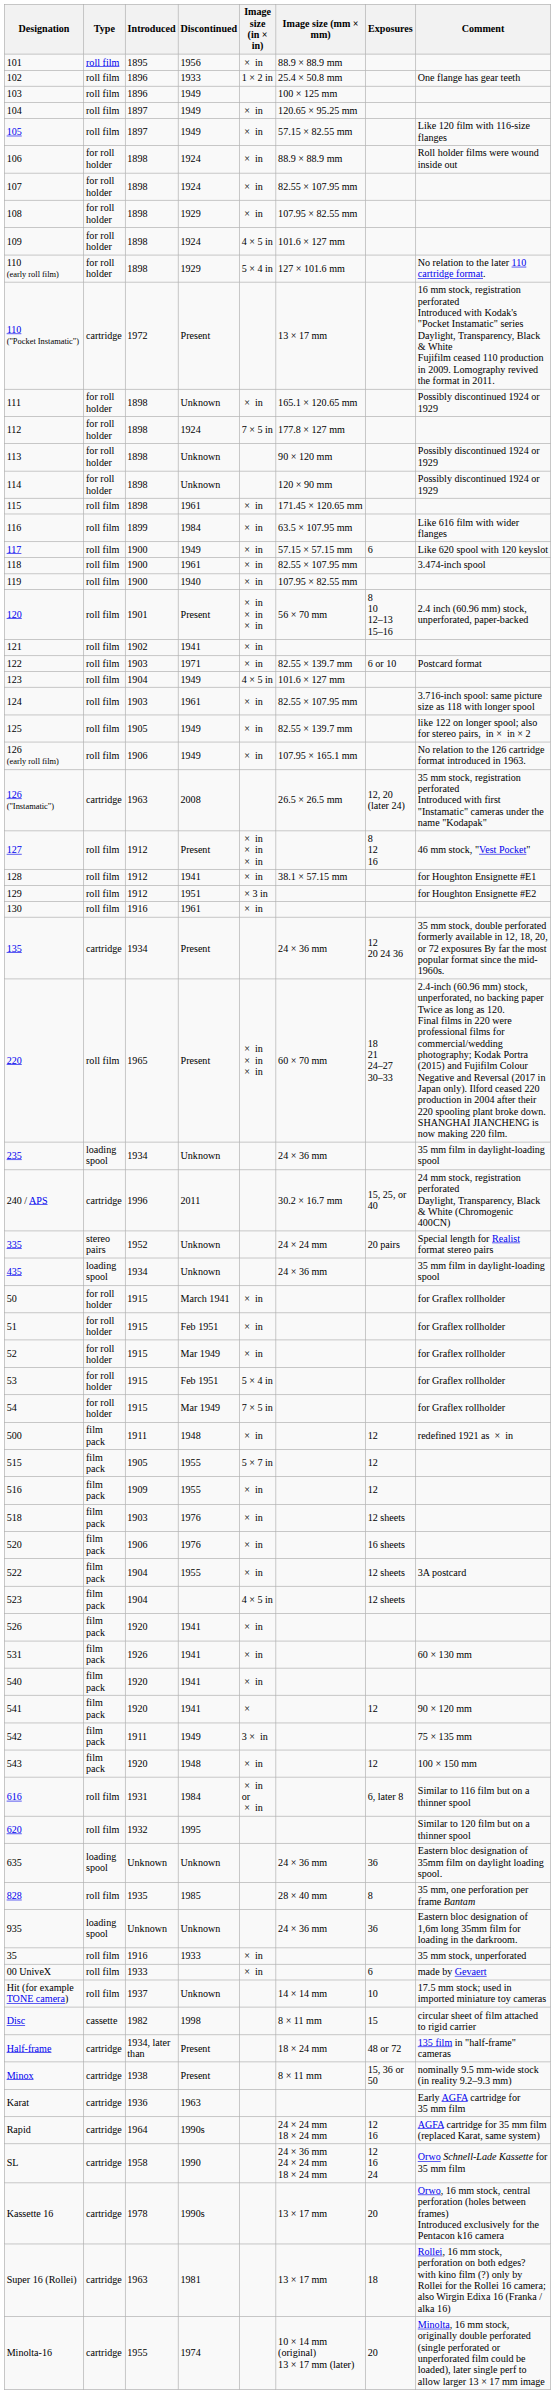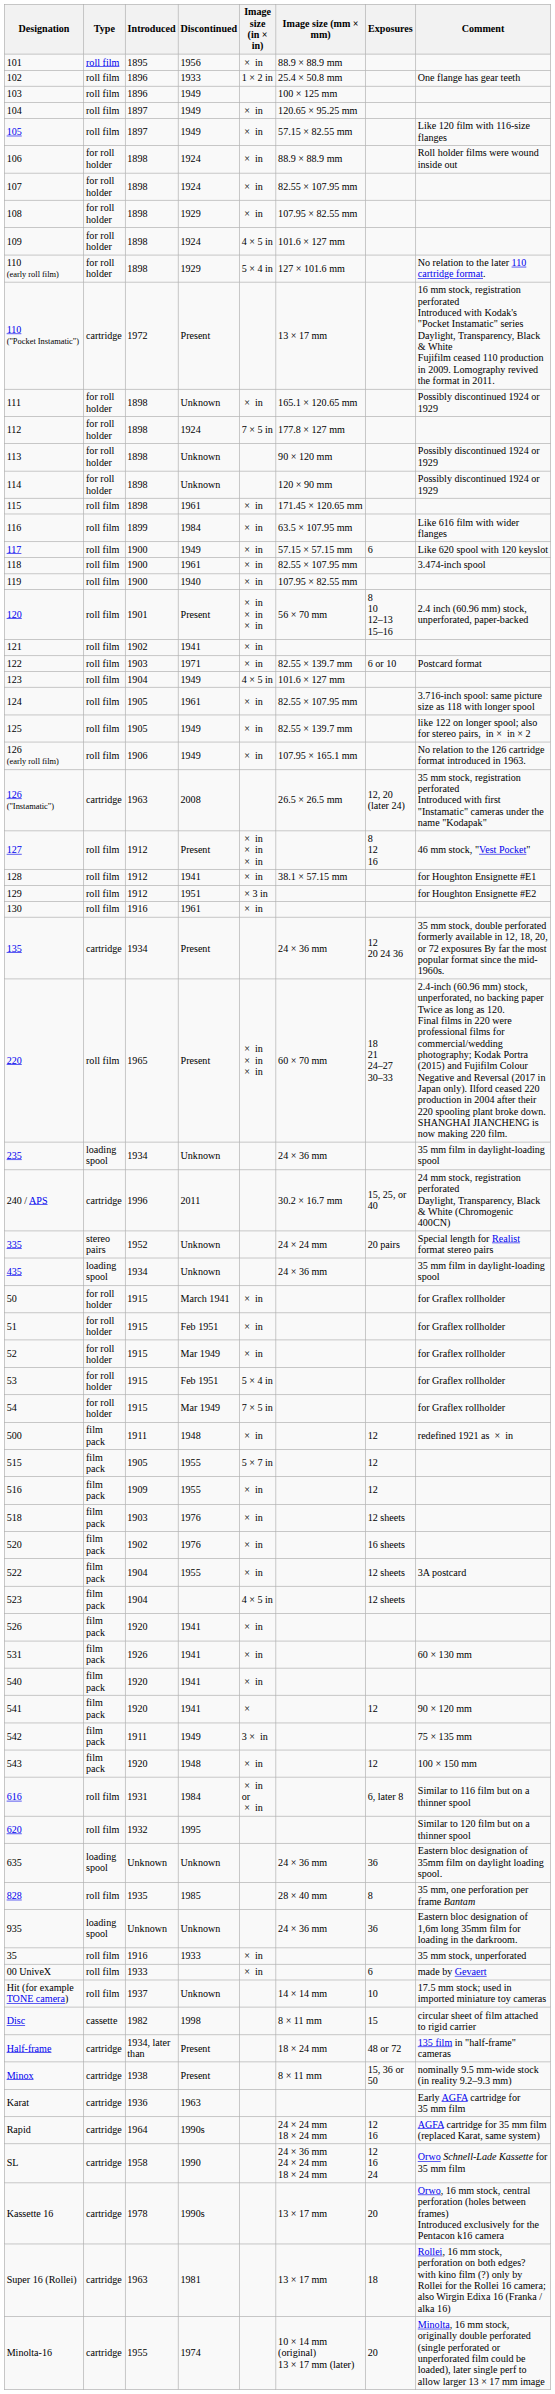 <table class="wikitable sortable">
 <tr>
 <th>Designation</th>
 <th>Type</th>
 <th>Introduced</th>
 <th>Discontinued</th>
 <th>Image size<br>(in × in)</th>
 <th>Image size (mm × mm)</th>
 <th>Exposures</th>
 <th>Comment</th>
 </tr>
 <tr>
 <td>101</td>
 <td><a href='#'>roll film</a></td>
 <td>1895</td>
 <td>1956</td>
 <td> ×  in</td>
 <td>88.9 × 88.9 mm</td>
 <td></td>
 <td></td>
 </tr>
 <tr>
 <td>102</td>
 <td>roll film</td>
 <td>1896</td>
 <td>1933</td>
 <td>1 × 2 in</td>
 <td>25.4 × 50.8 mm</td>
 <td></td>
 <td>One flange has gear teeth</td>
 </tr>
 <tr>
 <td>103</td>
 <td>roll film</td>
 <td>1896</td>
 <td>1949</td>
 <td></td>
 <td>100 × 125 mm</td>
 <td></td>
 <td></td>
 </tr>
 <tr>
 <td>104</td>
 <td>roll film</td>
 <td>1897</td>
 <td>1949</td>
 <td> ×  in</td>
 <td>120.65 × 95.25 mm</td>
 <td></td>
 <td></td>
 </tr>
 <tr>
 <td><a href='#'>105</a></td>
 <td>roll film</td>
 <td>1897</td>
 <td>1949</td>
 <td> ×  in</td>
 <td>57.15 × 82.55 mm</td>
 <td></td>
 <td>Like 120 film with 116-size flanges</td>
 </tr>
 <tr>
 <td>106</td>
 <td>for roll holder</td>
 <td>1898</td>
 <td>1924</td>
 <td> ×  in</td>
 <td>88.9 × 88.9 mm</td>
 <td></td>
 <td>Roll holder films were wound inside out</td>
 </tr>
 <tr>
 <td>107</td>
 <td>for roll holder</td>
 <td>1898</td>
 <td>1924</td>
 <td> ×  in</td>
 <td>82.55 × 107.95 mm</td>
 <td></td>
 <td></td>
 </tr>
 <tr>
 <td>108</td>
 <td>for roll holder</td>
 <td>1898</td>
 <td>1929</td>
 <td> ×  in</td>
 <td>107.95 × 82.55 mm</td>
 <td></td>
 <td></td>
 </tr>
 <tr>
 <td>109</td>
 <td>for roll holder</td>
 <td>1898</td>
 <td>1924</td>
 <td>4 × 5 in</td>
 <td>101.6 × 127 mm</td>
 <td></td>
 <td></td>
 </tr>
 <tr>
 <td>110<br><small>(early roll film)</small></td>
 <td>for roll holder</td>
 <td>1898</td>
 <td>1929</td>
 <td>5 × 4 in</td>
 <td>127 × 101.6 mm</td>
 <td></td>
 <td>No relation to the later <a href='#'>110 cartridge format</a>.</td>
 </tr>
 <tr>
 <td><a href='#'>110</a><br><small>("Pocket Instamatic")</small></td>
 <td>cartridge</td>
 <td>1972</td>
 <td>Present</td>
 <td></td>
 <td>13 × 17 mm</td>
 <td></td>
 <td>16 mm stock, registration perforated<br>Introduced with Kodak's "Pocket Instamatic" series<br>Daylight, Transparency, Black & White<br>Fujifilm ceased 110 production in 2009. Lomography revived the format in 2011.</td>
 </tr>
 <tr>
 <td>111</td>
 <td>for roll holder</td>
 <td>1898</td>
 <td>Unknown</td>
 <td> ×  in</td>
 <td>165.1 × 120.65 mm</td>
 <td></td>
 <td>Possibly discontinued 1924 or 1929</td>
 </tr>
 <tr>
 <td>112</td>
 <td>for roll holder</td>
 <td>1898</td>
 <td>1924</td>
 <td>7 × 5 in</td>
 <td>177.8 × 127 mm</td>
 <td></td>
 <td></td>
 </tr>
 <tr>
 <td>113</td>
 <td>for roll holder</td>
 <td>1898</td>
 <td>Unknown</td>
 <td></td>
 <td>90 × 120 mm</td>
 <td></td>
 <td>Possibly discontinued 1924 or 1929</td>
 </tr>
 <tr>
 <td>114</td>
 <td>for roll holder</td>
 <td>1898</td>
 <td>Unknown</td>
 <td></td>
 <td>120 × 90 mm</td>
 <td></td>
 <td>Possibly discontinued 1924 or 1929</td>
 </tr>
 <tr>
 <td>115</td>
 <td>roll film</td>
 <td>1898</td>
 <td>1961</td>
 <td> ×  in</td>
 <td>171.45 × 120.65 mm</td>
 <td></td>
 <td></td>
 </tr>
 <tr>
 <td>116</td>
 <td>roll film</td>
 <td>1899</td>
 <td>1984</td>
 <td> ×  in</td>
 <td>63.5 × 107.95 mm</td>
 <td></td>
 <td>Like 616 film with wider flanges</td>
 </tr>
 <tr>
 <td><a href='#'>117</a></td>
 <td>roll film</td>
 <td>1900</td>
 <td>1949</td>
 <td> ×  in</td>
 <td>57.15 × 57.15 mm</td>
 <td>6</td>
 <td>Like 620 spool with 120 keyslot</td>
 </tr>
 <tr>
 <td>118</td>
 <td>roll film</td>
 <td>1900</td>
 <td>1961</td>
 <td> ×  in</td>
 <td>82.55 × 107.95 mm</td>
 <td></td>
 <td>3.474-inch spool</td>
 </tr>
 <tr>
 <td>119</td>
 <td>roll film</td>
 <td>1900</td>
 <td>1940</td>
 <td> ×  in</td>
 <td>107.95 × 82.55 mm</td>
 <td></td>
 <td></td>
 </tr>
 <tr>
 <td><a href='#'>120</a></td>
 <td>roll film</td>
 <td>1901</td>
 <td>Present</td>
 <td> ×  in<br> ×  in<br> ×  in</td>
 <td>56 × 70 mm</td>
 <td>8<br>10<br>12–13<br>15–16</td>
 <td>2.4 inch (60.96 mm) stock, unperforated, paper-backed</td>
 </tr>
 <tr>
 <td>121</td>
 <td>roll film</td>
 <td>1902</td>
 <td>1941</td>
 <td> ×  in</td>
 <td></td>
 <td></td>
 <td></td>
 </tr>
 <tr>
 <td>122</td>
 <td>roll film</td>
 <td>1903</td>
 <td>1971</td>
 <td> ×  in</td>
 <td>82.55 × 139.7 mm</td>
 <td>6 or 10</td>
 <td>Postcard format</td>
 </tr>
 <tr>
 <td>123</td>
 <td>roll film</td>
 <td>1904</td>
 <td>1949</td>
 <td>4 × 5 in</td>
 <td>101.6 × 127 mm</td>
 <td></td>
 <td></td>
 </tr>
 <tr>
 <td>124</td>
 <td>roll film</td>
-<td>1903</td>
+<td>1905</td>
 <td>1961</td>
 <td> ×  in</td>
 <td>82.55 × 107.95 mm</td>
 <td></td>
 <td>3.716-inch spool: same picture size as 118 with longer spool</td>
 </tr>
 <tr>
 <td>125</td>
 <td>roll film</td>
 <td>1905</td>
 <td>1949</td>
 <td> ×  in</td>
 <td>82.55 × 139.7 mm</td>
 <td></td>
 <td>like 122 on longer spool; also for stereo pairs,  in ×  in × 2</td>
 </tr>
 <tr>
 <td>126<br><small>(early roll film)</small></td>
 <td>roll film</td>
 <td>1906</td>
 <td>1949</td>
 <td> ×  in</td>
 <td>107.95 × 165.1 mm</td>
 <td></td>
 <td>No relation to the 126 cartridge format introduced in 1963.</td>
 </tr>
 <tr>
 <td><a href='#'>126</a><br><small>("Instamatic")</small></td>
 <td>cartridge</td>
 <td>1963</td>
 <td>2008</td>
 <td></td>
 <td>26.5 × 26.5 mm</td>
 <td>12, 20 (later 24)</td>
 <td>35 mm stock, registration perforated<br>Introduced with first "Instamatic" cameras under the name "Kodapak"</td>
 </tr>
 <tr>
 <td><a href='#'>127</a></td>
 <td>roll film</td>
 <td>1912</td>
 <td>Present</td>
 <td> ×  in<br> ×  in<br> ×  in</td>
 <td></td>
 <td>8<br>12<br>16</td>
 <td>46 mm stock, "<a href='#'>Vest Pocket</a>"</td>
 </tr>
 <tr>
 <td>128</td>
 <td>roll film</td>
 <td>1912</td>
 <td>1941</td>
 <td> ×  in</td>
 <td>38.1 × 57.15 mm</td>
 <td></td>
 <td>for Houghton Ensignette #E1</td>
 </tr>
 <tr>
 <td>129</td>
 <td>roll film</td>
 <td>1912</td>
 <td>1951</td>
 <td> × 3 in</td>
 <td></td>
 <td></td>
 <td>for Houghton Ensignette #E2</td>
 </tr>
 <tr>
 <td>130</td>
 <td>roll film</td>
 <td>1916</td>
 <td>1961</td>
 <td> ×  in</td>
 <td></td>
 <td></td>
 <td></td>
 </tr>
 <tr>
 <td><a href='#'>135</a></td>
 <td>cartridge</td>
 <td>1934</td>
 <td>Present</td>
 <td></td>
 <td>24 × 36 mm</td>
 <td>12<br>20 24 36</td>
 <td>35 mm stock, double perforated<br>formerly available in 12, 18, 20, or 72 exposures By far the most popular format since the mid-1960s.</td>
 </tr>
 <tr>
 <td><a href='#'>220</a></td>
 <td>roll film</td>
 <td>1965</td>
 <td>Present</td>
 <td> ×  in<br> ×  in<br> ×  in</td>
 <td>60 × 70 mm</td>
 <td>18<br>21<br>24–27<br>30–33</td>
 <td>2.4-inch (60.96 mm) stock, unperforated, no backing paper<br>Twice as long as 120.<br>Final films in 220 were professional films for commercial/wedding photography; Kodak Portra (2015) and Fujifilm Colour Negative and Reversal (2017 in Japan only). Ilford ceased 220 production in 2004 after their 220 spooling plant broke down. SHANGHAI JIANCHENG is now making 220 film.</td>
 </tr>
 <tr>
 <td><a href='#'>235</a></td>
 <td>loading spool</td>
 <td>1934</td>
 <td>Unknown</td>
 <td></td>
 <td>24 × 36 mm</td>
 <td></td>
 <td>35 mm film in daylight-loading spool</td>
 </tr>
 <tr>
 <td>240 / <a href='#'>APS</a></td>
 <td>cartridge</td>
 <td>1996</td>
 <td>2011</td>
 <td></td>
 <td>30.2 × 16.7 mm</td>
 <td>15, 25, or 40</td>
 <td>24 mm stock, registration perforated<br>Daylight, Transparency, Black & White (Chromogenic 400CN)</td>
 </tr>
 <tr>
 <td><a href='#'>335</a></td>
 <td>stereo pairs</td>
 <td>1952</td>
 <td>Unknown</td>
 <td></td>
 <td>24 × 24 mm</td>
 <td>20 pairs</td>
 <td>Special length for <a href='#'>Realist</a> format stereo pairs</td>
 </tr>
 <tr>
 <td><a href='#'>435</a></td>
 <td>loading spool</td>
 <td>1934</td>
 <td>Unknown</td>
 <td></td>
 <td>24 × 36 mm</td>
 <td></td>
 <td>35 mm film in daylight-loading spool</td>
 </tr>
 <tr>
 <td>50</td>
 <td>for roll holder</td>
 <td>1915</td>
 <td>March 1941</td>
 <td> ×  in</td>
 <td></td>
 <td></td>
 <td>for Graflex rollholder</td>
 </tr>
 <tr>
 <td>51</td>
 <td>for roll holder</td>
 <td>1915</td>
 <td>Feb 1951</td>
 <td> ×  in</td>
 <td></td>
 <td></td>
 <td>for Graflex rollholder</td>
 </tr>
 <tr>
 <td>52</td>
 <td>for roll holder</td>
 <td>1915</td>
 <td>Mar 1949</td>
 <td> ×  in</td>
 <td></td>
 <td></td>
 <td>for Graflex rollholder</td>
 </tr>
 <tr>
 <td>53</td>
 <td>for roll holder</td>
 <td>1915</td>
 <td>Feb 1951</td>
 <td>5 × 4 in</td>
 <td></td>
 <td></td>
 <td>for Graflex rollholder</td>
 </tr>
 <tr>
 <td>54</td>
 <td>for roll holder</td>
 <td>1915</td>
 <td>Mar 1949</td>
 <td>7 × 5 in</td>
 <td></td>
 <td></td>
 <td>for Graflex rollholder</td>
 </tr>
 <tr>
 <td>500</td>
 <td>film pack</td>
 <td>1911</td>
 <td>1948</td>
 <td> ×  in</td>
 <td></td>
 <td>12</td>
 <td>redefined 1921 as  ×  in</td>
 </tr>
 <tr>
 <td>515</td>
 <td>film pack</td>
 <td>1905</td>
 <td>1955</td>
 <td>5 × 7 in</td>
 <td></td>
 <td>12</td>
 <td></td>
 </tr>
 <tr>
 <td>516</td>
 <td>film pack</td>
 <td>1909</td>
 <td>1955</td>
 <td> ×  in</td>
 <td></td>
 <td>12</td>
 <td></td>
 </tr>
 <tr>
 <td>518</td>
 <td>film pack</td>
 <td>1903</td>
 <td>1976</td>
 <td> ×  in</td>
 <td></td>
 <td>12 sheets</td>
 <td></td>
 </tr>
 <tr>
 <td>520</td>
 <td>film pack</td>
-<td>1906</td>
+<td>1902</td>
 <td>1976</td>
 <td> ×  in</td>
 <td></td>
 <td>16 sheets</td>
 <td></td>
 </tr>
 <tr>
 <td>522</td>
 <td>film pack</td>
 <td>1904</td>
 <td>1955</td>
 <td> ×  in</td>
 <td></td>
 <td>12 sheets</td>
 <td>3A postcard</td>
 </tr>
 <tr>
 <td>523</td>
 <td>film pack</td>
 <td>1904</td>
 <td></td>
 <td>4 × 5 in</td>
 <td></td>
 <td>12 sheets</td>
 <td></td>
 </tr>
 <tr>
 <td>526</td>
 <td>film pack</td>
 <td>1920</td>
 <td>1941</td>
 <td> ×  in</td>
 <td></td>
 <td></td>
 <td></td>
 </tr>
 <tr>
 <td>531</td>
 <td>film pack</td>
 <td>1926</td>
 <td>1941</td>
 <td> ×  in</td>
 <td></td>
 <td></td>
 <td>60 × 130 mm</td>
 </tr>
 <tr>
 <td>540</td>
 <td>film pack</td>
 <td>1920</td>
 <td>1941</td>
 <td> ×  in</td>
 <td></td>
 <td></td>
 <td></td>
 </tr>
 <tr>
 <td>541</td>
 <td>film pack</td>
 <td>1920</td>
 <td>1941</td>
 <td> × </td>
 <td></td>
 <td>12</td>
 <td>90 × 120 mm</td>
 </tr>
 <tr>
 <td>542</td>
 <td>film pack</td>
 <td>1911</td>
 <td>1949</td>
 <td>3 ×  in</td>
 <td></td>
 <td></td>
 <td>75 × 135 mm</td>
 </tr>
 <tr>
 <td>543</td>
 <td>film pack</td>
 <td>1920</td>
 <td>1948</td>
 <td> ×  in</td>
 <td></td>
 <td>12</td>
 <td>100 × 150 mm</td>
 </tr>
 <tr>
 <td><a href='#'>616</a></td>
 <td>roll film</td>
 <td>1931</td>
 <td>1984</td>
 <td> ×  in<br>or  ×  in</td>
 <td></td>
 <td>6, later 8</td>
 <td>Similar to 116 film but on a thinner spool</td>
 </tr>
 <tr>
 <td><a href='#'>620</a></td>
 <td>roll film</td>
 <td>1932</td>
 <td>1995</td>
 <td></td>
 <td></td>
 <td></td>
 <td>Similar to 120 film but on a thinner spool</td>
 </tr>
 <tr>
 <td>635</td>
 <td>loading spool</td>
 <td>Unknown</td>
 <td>Unknown</td>
 <td></td>
 <td>24 × 36 mm</td>
 <td>36</td>
 <td>Eastern bloc designation of 35mm film on daylight loading spool.</td>
 </tr>
 <tr>
 <td><a href='#'>828</a></td>
 <td>roll film</td>
 <td>1935</td>
 <td>1985</td>
 <td></td>
 <td>28 × 40 mm</td>
 <td>8</td>
 <td>35 mm, one perforation per frame <em>Bantam</em></td>
 </tr>
 <tr>
 <td>935</td>
 <td>loading spool</td>
 <td>Unknown</td>
 <td>Unknown</td>
 <td></td>
 <td>24 × 36 mm</td>
 <td>36</td>
 <td>Eastern bloc designation of 1,6m long 35mm film for loading in the darkroom.</td>
 </tr>
 <tr>
 <td>35</td>
 <td>roll film</td>
 <td>1916</td>
 <td>1933</td>
 <td> ×  in</td>
 <td></td>
 <td></td>
 <td>35 mm stock, unperforated</td>
 </tr>
 <tr>
 <td>00 UniveX</td>
 <td>roll film</td>
 <td>1933</td>
 <td></td>
 <td> ×  in</td>
 <td></td>
 <td>6</td>
 <td>made by <a href='#'>Gevaert</a></td>
 </tr>
 <tr>
 <td>Hit (for example <a href='#'>TONE camera</a>)</td>
 <td>roll film</td>
 <td>1937</td>
 <td>Unknown</td>
 <td></td>
 <td>14 × 14 mm</td>
 <td>10</td>
 <td>17.5 mm stock; used in imported miniature toy cameras</td>
 </tr>
 <tr>
 <td><a href='#'>Disc</a></td>
 <td>cassette</td>
 <td>1982</td>
 <td>1998</td>
 <td></td>
 <td>8 × 11 mm</td>
 <td>15</td>
 <td>circular sheet of film attached to rigid carrier</td>
 </tr>
 <tr>
 <td><a href='#'>Half-frame</a></td>
 <td>cartridge</td>
 <td>1934, later than</td>
 <td>Present</td>
 <td></td>
 <td>18 × 24 mm</td>
 <td>48 or 72</td>
 <td><a href='#'>135 film</a> in "half-frame" cameras</td>
 </tr>
 <tr>
 <td><a href='#'>Minox</a></td>
 <td>cartridge</td>
 <td>1938</td>
 <td>Present</td>
 <td></td>
 <td>8 × 11 mm</td>
 <td>15, 36 or 50</td>
 <td>nominally 9.5 mm-wide stock (in reality 9.2–9.3 mm)</td>
 </tr>
 <tr>
 <td>Karat</td>
 <td>cartridge</td>
 <td>1936</td>
 <td>1963</td>
 <td></td>
 <td></td>
 <td></td>
 <td>Early <a href='#'>AGFA</a> cartridge for 35 mm film</td>
 </tr>
 <tr>
 <td>Rapid</td>
 <td>cartridge</td>
 <td>1964</td>
 <td>1990s</td>
 <td></td>
 <td>24 × 24 mm<br>18 × 24 mm</td>
 <td>12<br>16</td>
 <td><a href='#'>AGFA</a> cartridge for 35 mm film (replaced Karat, same system)</td>
 </tr>
 <tr>
 <td>SL</td>
 <td>cartridge</td>
 <td>1958</td>
 <td>1990</td>
 <td></td>
 <td>24 × 36 mm<br>24 × 24 mm<br>18 × 24 mm</td>
 <td>12<br>16<br>24</td>
 <td><a href='#'>Orwo</a> <em>Schnell-Lade Kassette</em> for 35 mm film</td>
 </tr>
 <tr>
 <td>Kassette 16</td>
 <td>cartridge</td>
 <td>1978</td>
 <td>1990s</td>
 <td></td>
 <td>13 × 17 mm</td>
 <td>20</td>
 <td><a href='#'>Orwo</a>, 16 mm stock, central perforation (holes between frames)<br>Introduced exclusively for the Pentacon k16 camera</td>
 </tr>
 <tr>
 <td>Super 16 (Rollei)</td>
 <td>cartridge</td>
 <td>1963</td>
 <td>1981</td>
 <td></td>
 <td>13 × 17 mm</td>
 <td>18</td>
 <td><a href='#'>Rollei</a>, 16 mm stock, perforation on both edges?<br>with kino film (?) only by Rollei for the Rollei 16 camera; also Wirgin Edixa 16 (Franka / alka 16)</td>
 </tr>
 <tr>
 <td>Minolta-16</td>
 <td>cartridge</td>
 <td>1955</td>
 <td>1974</td>
 <td></td>
 <td>10 × 14 mm (original)<br>13 × 17 mm (later)</td>
 <td>20</td>
 <td><a href='#'>Minolta</a>, 16 mm stock, originally double perforated (single perforated or unperforated film could be loaded), later single perf to allow larger 13 × 17 mm image</td>
 </tr>
 </table>
